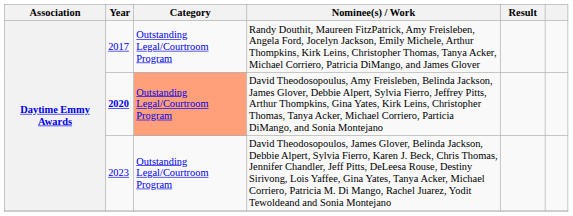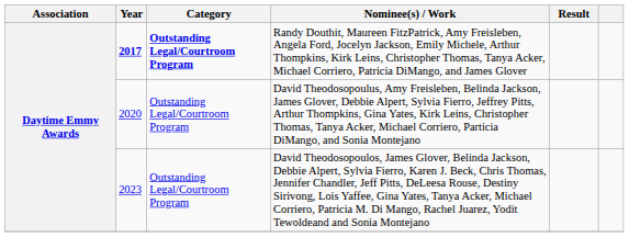 <table class="wikitable sortable plainrowheaders">
 <tr>
 <th scope="col" style="width:18%;">Association</th>
 <th scope="col" style="width:5%;">Year</th>
 <th scope="col" style="width:20%;">Category</th>
 <th scope="col" style="width:45%;">Nominee(s) / Work</th>
 <th scope="col" class="unsortable" style="width:8%;">Result</th>
 <th scope="col" class="unsortable" style="width:4%;"></th>
 </tr>
 <tr>
 <th scope="row" rowspan="3"><a href='#'>Daytime Emmy Awards</a></th>
-<td scope="row"><a href='#'>2017</a></td>
-<td><a href='#'>Outstanding Legal/Courtroom Program</a></td>
+<td scope="row"><strong><a href='#'>2017</a></strong></td>
+<td><strong><a href='#'>Outstanding Legal/Courtroom Program</a></strong></td>
 <td>Randy Douthit, Maureen FitzPatrick, Amy Freisleben, Angela Ford, Jocelyn Jackson, Emily Michele, Arthur Thompkins, Kirk Leins, Christopher Thomas, Tanya Acker, Michael Corriero, Patricia DiMango, and James Glover</td>
 <td></td>
 <td style="text-align:center;"></td>
 </tr>
 <tr>
-<td scope="row"><strong><a href='#'>2020</a></strong></td>
-<td style="background: lightsalmon;"><a href='#'>Outstanding Legal/Courtroom Program</a></td>
+<td scope="row"><a href='#'>2020</a></td>
+<td><a href='#'>Outstanding Legal/Courtroom Program</a></td>
 <td>David Theodosopoulus, Amy Freisleben, Belinda Jackson, James Glover, Debbie Alpert, Sylvia Fierro, Jeffrey Pitts, Arthur Thompkins, Gina Yates, Kirk Leins, Christopher Thomas, Tanya Acker, Michael Corriero, Particia DiMango, and Sonia Montejano</td>
 <td></td>
 <td style="text-align:center;"></td>
 </tr>
 <tr>
 <td><a href='#'>2023</a></td>
 <td><a href='#'>Outstanding Legal/Courtroom Program</a></td>
 <td>David Theodosopoulos, James Glover, Belinda Jackson, Debbie Alpert, Sylvia Fierro, Karen J. Beck, Chris Thomas, Jennifer Chandler, Jeff Pitts, DeLeesa Rouse, Destiny Sirivong, Lois Yaffee, Gina Yates, Tanya Acker, Michael Corriero, Patricia M. Di Mango, Rachel Juarez, Yodit Tewoldeand and Sonia Montejano</td>
 <td></td>
 <td style="text-align:center;"></td>
 </tr>
 <tr>
 </tr>
 </table>
